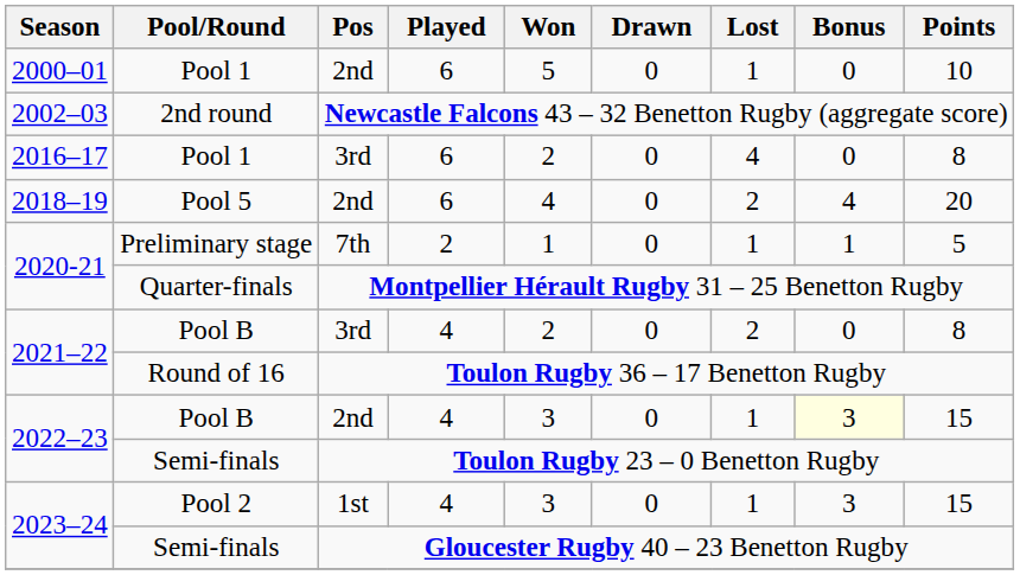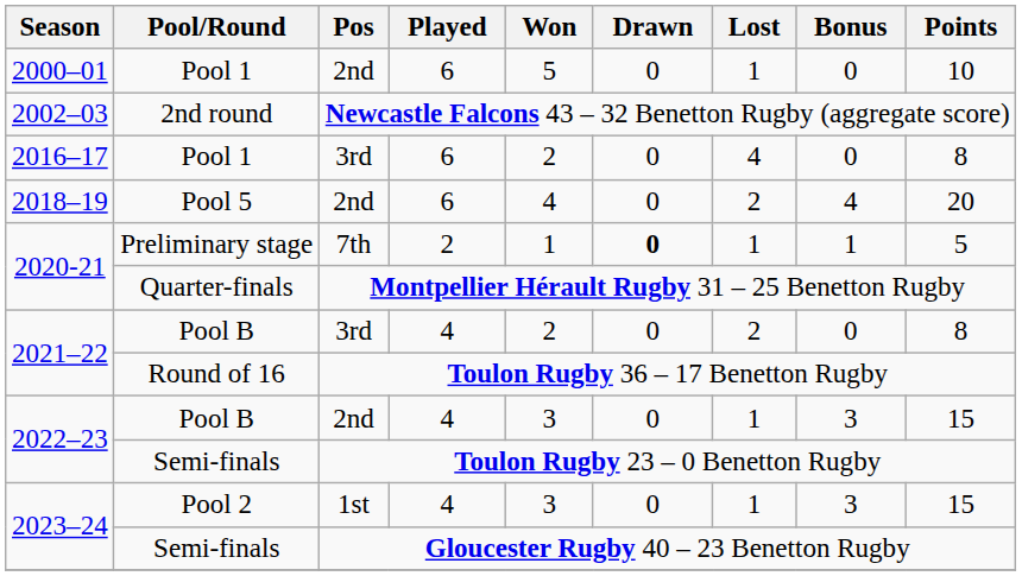 <table class="wikitable" style="text-align:center">
 <tr>
 <th>Season</th>
 <th>Pool/Round</th>
 <th>Pos</th>
 <th>Played</th>
 <th>Won</th>
 <th>Drawn</th>
 <th>Lost</th>
 <th>Bonus</th>
 <th>Points</th>
 </tr>
 <tr>
 <td><a href='#'>2000–01</a></td>
 <td>Pool 1</td>
 <td>2nd</td>
 <td>6</td>
 <td>5</td>
 <td>0</td>
 <td>1</td>
 <td>0</td>
 <td>10</td>
 </tr>
 <tr>
 <td><a href='#'>2002–03</a></td>
 <td>2nd round</td>
 <td colspan="8"><strong><a href='#'>Newcastle Falcons</a></strong> 43 – 32 Benetton Rugby (aggregate score)</td>
 </tr>
 <tr>
 <td><a href='#'>2016–17</a></td>
 <td>Pool 1</td>
 <td>3rd</td>
 <td>6</td>
 <td>2</td>
 <td>0</td>
 <td>4</td>
 <td>0</td>
 <td>8</td>
 </tr>
 <tr>
 <td><a href='#'>2018–19</a></td>
 <td>Pool 5</td>
 <td>2nd</td>
 <td>6</td>
 <td>4</td>
 <td>0</td>
 <td>2</td>
 <td>4</td>
 <td>20</td>
 </tr>
 <tr>
 <td rowspan="2"><a href='#'>2020-21</a></td>
 <td>Preliminary stage</td>
 <td>7th</td>
 <td>2</td>
 <td>1</td>
-<td>0</td>
+<td><strong>0</strong></td>
 <td>1</td>
 <td>1</td>
 <td>5</td>
 </tr>
 <tr>
 <td>Quarter-finals</td>
 <td colspan="8"><strong><a href='#'>Montpellier Hérault Rugby</a></strong> 31 – 25 Benetton Rugby</td>
 </tr>
 <tr>
 <td rowspan="2"><a href='#'>2021–22</a></td>
 <td>Pool B</td>
 <td>3rd</td>
 <td>4</td>
 <td>2</td>
 <td>0</td>
 <td>2</td>
 <td>0</td>
 <td>8</td>
 </tr>
 <tr>
 <td>Round of 16</td>
 <td colspan="8"><strong><a href='#'>Toulon Rugby</a></strong> 36 – 17 Benetton Rugby</td>
 </tr>
 <tr>
 <td rowspan="2"><a href='#'>2022–23</a></td>
 <td>Pool B</td>
 <td>2nd</td>
 <td>4</td>
 <td>3</td>
 <td>0</td>
 <td>1</td>
-<td style="background: lightyellow;">3</td>
+<td>3</td>
 <td>15</td>
 </tr>
 <tr>
 <td>Semi-finals</td>
 <td colspan="8"><strong><a href='#'>Toulon Rugby</a></strong> 23 – 0 Benetton Rugby</td>
 </tr>
 <tr>
 <td rowspan="2"><a href='#'>2023–24</a></td>
 <td>Pool 2</td>
 <td>1st</td>
 <td>4</td>
 <td>3</td>
 <td>0</td>
 <td>1</td>
 <td>3</td>
 <td>15</td>
 </tr>
 <tr>
 <td>Semi-finals</td>
 <td colspan="8"><strong><a href='#'>Gloucester Rugby</a></strong> 40 – 23 Benetton Rugby</td>
 </tr>
 <tr>
 </tr>
 </table>
